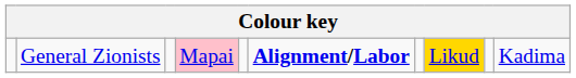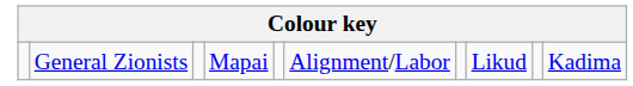 <table class="wikitable" align="right">
 <tr>
 <th colspan=15>Colour key</th>
 </tr>
 <tr>
 <td style="background-color:"></td>
 <td><a href='#'>General Zionists</a></td>
 <td style="background-color:"></td>
-<td style="background: pink;"><a href='#'>Mapai</a></td>
+<td><a href='#'>Mapai</a></td>
 <td style="background-color:"></td>
-<td><strong><a href='#'>Alignment</a>/<a href='#'>Labor</a></strong></td>
+<td><a href='#'>Alignment</a>/<a href='#'>Labor</a></td>
 <td style="background-color:"></td>
-<td style="background: gold;"><a href='#'>Likud</a></td>
+<td><a href='#'>Likud</a></td>
 <td style="background-color:"></td>
 <td><a href='#'>Kadima</a></td>
 </tr>
 </table>
